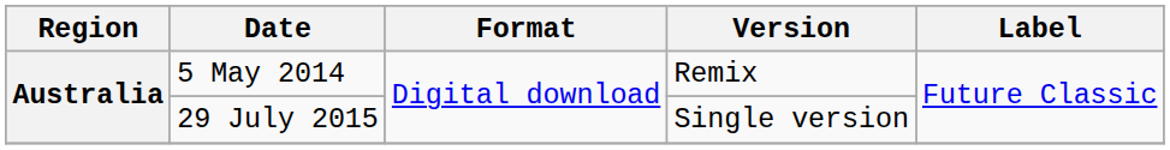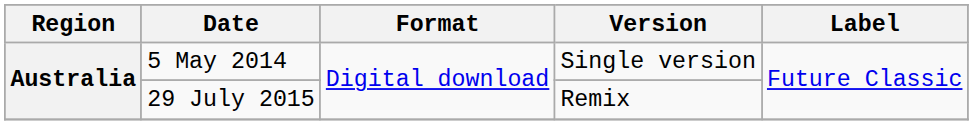 <table class="wikitable plainrowheaders">
 <tr>
 <th>Region</th>
 <th>Date</th>
 <th>Format</th>
 <th>Version</th>
 <th>Label</th>
 </tr>
 <tr>
 <th scope="row" rowspan="2">Australia</th>
 <td>5 May 2014</td>
 <td rowspan="2"><a href='#'>Digital download</a></td>
-<td>Remix </td>
+<td>Single version</td>
 <td rowspan="2"><a href='#'>Future Classic</a></td>
 </tr>
 <tr>
 <td>29 July 2015</td>
-<td>Single version</td>
+<td>Remix </td>
 </tr>
 <tr>
 </tr>
 </table>
